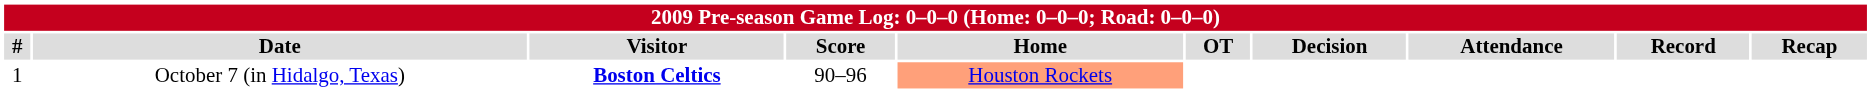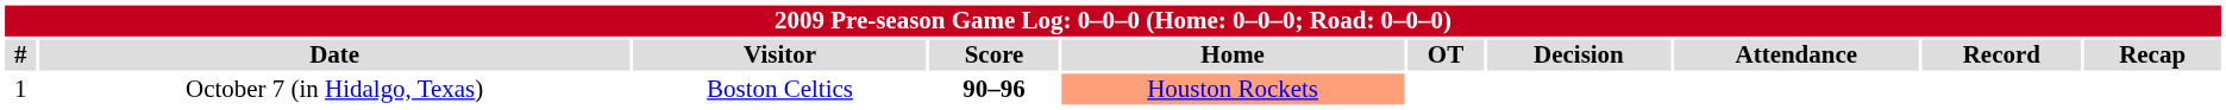 <table class="toccolours collapsible" width=90% style="clear:both; margin:1.5em auto; text-align:center">
 <tr>
 <th colspan=11 style="background:#c5001e; color:#FFFFFF;">2009 Pre-season Game Log: 0–0–0 (Home: 0–0–0; Road: 0–0–0)</th>
 </tr>
 <tr align="center" bgcolor="#dddddd">
 <td><strong>#</strong></td>
 <td><strong>Date</strong></td>
 <td><strong>Visitor</strong></td>
 <td><strong>Score</strong></td>
 <td><strong>Home</strong></td>
 <td><strong>OT</strong></td>
 <td><strong>Decision</strong></td>
 <td><strong>Attendance</strong></td>
 <td><strong>Record</strong></td>
 <td><strong>Recap</strong></td>
 </tr>
 <tr align="center">
 <td>1</td>
 <td>October 7 (in <a href='#'>Hidalgo, Texas</a>)</td>
-<td><strong><a href='#'>Boston Celtics</a></strong></td>
-<td>90–96</td>
+<td><a href='#'>Boston Celtics</a></td>
+<td><strong>90–96</strong></td>
 <td style="background: lightsalmon;"><a href='#'>Houston Rockets</a></td>
 <td></td>
 <td></td>
 <td></td>
 <td></td>
 <td></td>
 </tr>
 </table>
